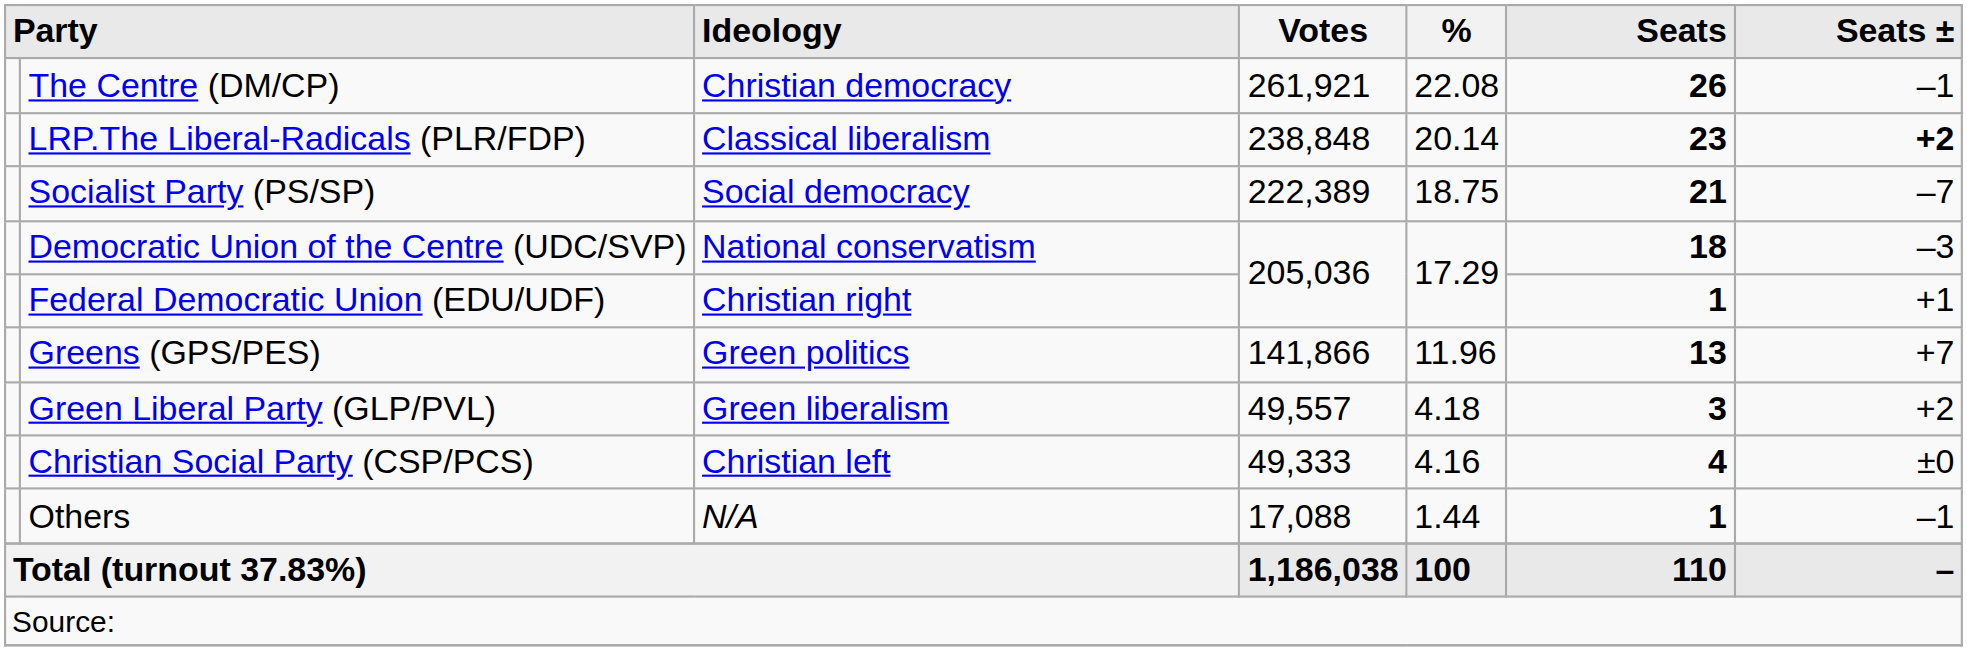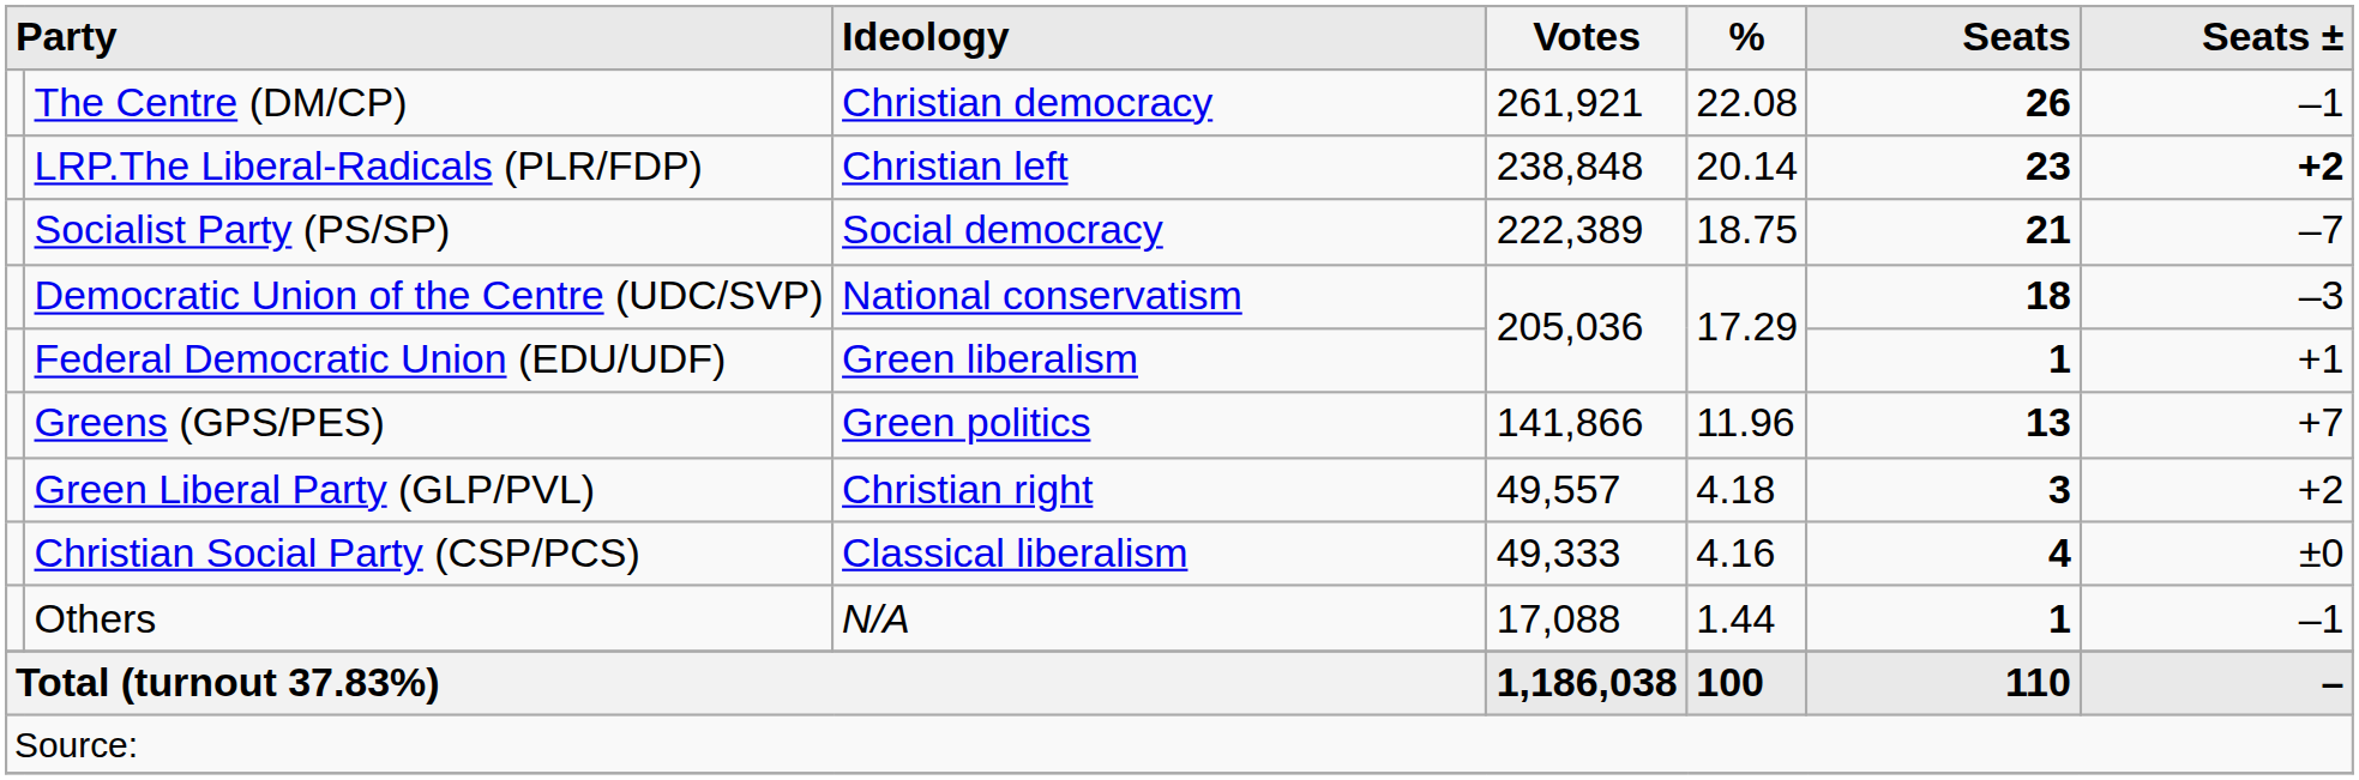 <table class="wikitable">
 <tr>
 <th style="background-color:#E9E9E9;text-align:left;" colspan=2>Party</th>
 <th style="background-color:#E9E9E9;text-align:left;" width=250px>Ideology</th>
 <th>Votes</th>
 <th>%</th>
 <th style="background-color:#E9E9E9;text-align:right;" width=100px>Seats</th>
 <th style="background-color:#E9E9E9;text-align:right;" width=100px>Seats ±</th>
 </tr>
 <tr>
 <td rowspan="1" style="background-color: "></td>
 <td rowspan="1" style="text-align:left;"><a href='#'>The Centre</a> (DM/CP)</td>
 <td rowspan="1" style="text-align:left;"><a href='#'>Christian democracy</a></td>
 <td>261,921</td>
 <td>22.08</td>
 <td rowspan="1" style="text-align:right;"><strong>26</strong></td>
 <td rowspan="1" style="text-align:right;">–1</td>
 </tr>
 <tr>
 <td rowspan="1" style="background-color: "></td>
 <td rowspan="1" style="text-align:left;"><a href='#'>LRP.The Liberal-Radicals</a> (PLR/FDP)</td>
-<td rowspan="1" style="text-align:left;"><a href='#'>Classical liberalism</a></td>
+<td rowspan="1" style="text-align:left;"><a href='#'>Christian left</a></td>
 <td>238,848</td>
 <td>20.14</td>
 <td rowspan="1" style="text-align:right;"><strong>23</strong></td>
 <td rowspan="1" style="text-align:right;"><strong>+2</strong></td>
 </tr>
 <tr>
 <td rowspan="1" style="background-color: "></td>
 <td rowspan="1" style="text-align:left;"><a href='#'>Socialist Party</a> (PS/SP)</td>
 <td rowspan="1" style="text-align:left;"><a href='#'>Social democracy</a></td>
 <td>222,389</td>
 <td>18.75</td>
 <td rowspan="1" style="text-align:right;"><strong>21</strong></td>
 <td rowspan="1" style="text-align:right;">–7</td>
 </tr>
 <tr>
 <td rowspan="1" style="background-color: "></td>
 <td rowspan="1" style="text-align:left;"><a href='#'>Democratic Union of the Centre</a> (UDC/SVP)</td>
 <td rowspan="1" style="text-align:left;"><a href='#'>National conservatism</a></td>
 <td rowspan="2">205,036</td>
 <td rowspan="2">17.29</td>
 <td rowspan="1" style="text-align:right;"><strong>18</strong></td>
 <td rowspan="1" style="text-align:right;">–3</td>
 </tr>
 <tr>
 <td rowspan="1" style="background-color: "></td>
 <td rowspan="1" style="text-align:left;"><a href='#'>Federal Democratic Union</a> (EDU/UDF)</td>
-<td rowspan="1" style="text-align:left;"><a href='#'>Christian right</a></td>
+<td rowspan="1" style="text-align:left;"><a href='#'>Green liberalism</a></td>
 <td rowspan="1" style="text-align:right;"><strong>1</strong></td>
 <td rowspan="1" style="text-align:right;">+1</td>
 </tr>
 <tr>
 <td rowspan="1" style="background-color: "></td>
 <td rowspan="1" style="text-align:left;"><a href='#'>Greens</a> (GPS/PES)</td>
 <td rowspan="1" style="text-align:left;"><a href='#'>Green politics</a></td>
 <td>141,866</td>
 <td>11.96</td>
 <td rowspan="1" style="text-align:right;"><strong>13</strong></td>
 <td rowspan="1" style="text-align:right;">+7</td>
 </tr>
 <tr>
 <td rowspan="1" style="background-color: "></td>
 <td rowspan="1" style="text-align:left;"><a href='#'>Green Liberal Party</a> (GLP/PVL)</td>
-<td rowspan="1" style="text-align:left;"><a href='#'>Green liberalism</a></td>
+<td rowspan="1" style="text-align:left;"><a href='#'>Christian right</a></td>
 <td>49,557</td>
 <td>4.18</td>
 <td rowspan="1" style="text-align:right;"><strong>3</strong></td>
 <td rowspan="1" style="text-align:right;">+2</td>
 </tr>
 <tr>
 <td rowspan="1" style="background-color: "></td>
 <td rowspan="1" style="text-align:left;"><a href='#'>Christian Social Party</a> (CSP/PCS)</td>
-<td rowspan="1" style="text-align:left;"><a href='#'>Christian left</a></td>
+<td rowspan="1" style="text-align:left;"><a href='#'>Classical liberalism</a></td>
 <td>49,333</td>
 <td>4.16</td>
 <td rowspan="1" style="text-align:right;"><strong>4</strong></td>
 <td rowspan="1" style="text-align:right;">±0</td>
 </tr>
 <tr>
 <td rowspan="1" style="background-color: "></td>
 <td rowspan="1" style="text-align:left;">Others</td>
 <td rowspan="1" style="text-align:left;"><em>N/A</em></td>
 <td>17,088</td>
 <td>1.44</td>
 <td rowspan="1" style="text-align:right;"><strong>1</strong></td>
 <td rowspan="1" style="text-align:right;">–1</td>
 </tr>
 <tr>
 </tr>
 <tr style="background: #E9E9E9">
 <th style="text-align:left;" colspan=3>Total (turnout 37.83%)</th>
 <td><strong>1,186,038</strong></td>
 <td><strong>100</strong></td>
 <td style="text-align:right;"><strong>110</strong></td>
 <td style="text-align:right;"><strong>–</strong></td>
 </tr>
 <tr>
 <td colspan="9" style="max-width:790px; font-size:88%;" align="left">Source: </td>
 </tr>
 <tr>
 </tr>
 </table>
